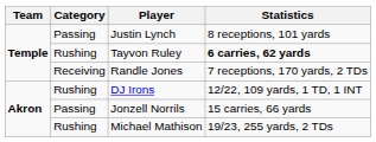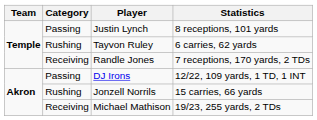 <table class="wikitable" style="float: left;">
 <tr>
 <th>Team</th>
 <th>Category</th>
 <th>Player</th>
 <th>Statistics</th>
 </tr>
 <tr>
 <td rowspan=3><strong>Temple</strong></td>
 <td>Passing</td>
 <td>Justin Lynch</td>
 <td>8 receptions, 101 yards</td>
 </tr>
 <tr>
 <td>Rushing</td>
 <td>Tayvon Ruley</td>
-<td><strong>6 carries, 62 yards</strong></td>
+<td>6 carries, 62 yards</td>
 </tr>
 <tr>
 <td>Receiving</td>
 <td>Randle Jones</td>
 <td>7 receptions, 170 yards, 2 TDs</td>
 </tr>
 <tr>
 <td rowspan=3><strong>Akron</strong></td>
-<td>Rushing</td>
+<td>Passing</td>
 <td><a href='#'>DJ Irons</a></td>
 <td>12/22, 109 yards, 1 TD, 1 INT</td>
 </tr>
 <tr>
-<td>Passing</td>
+<td>Rushing</td>
 <td>Jonzell Norrils</td>
 <td>15 carries, 66 yards</td>
 </tr>
 <tr>
-<td>Rushing</td>
+<td>Receiving</td>
 <td>Michael Mathison</td>
 <td>19/23, 255 yards, 2 TDs</td>
 </tr>
 </table>
